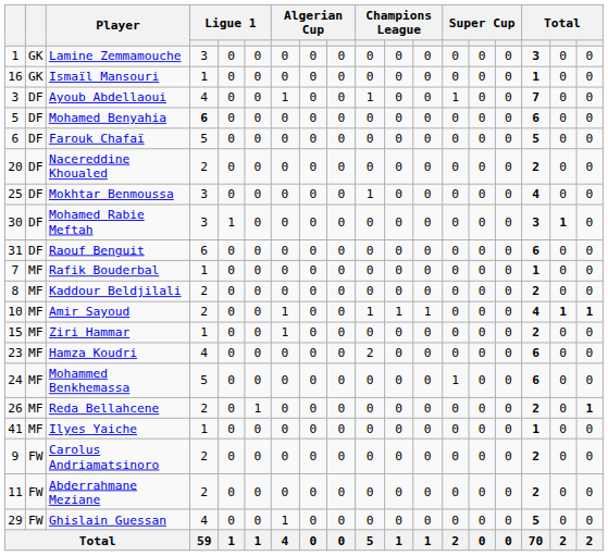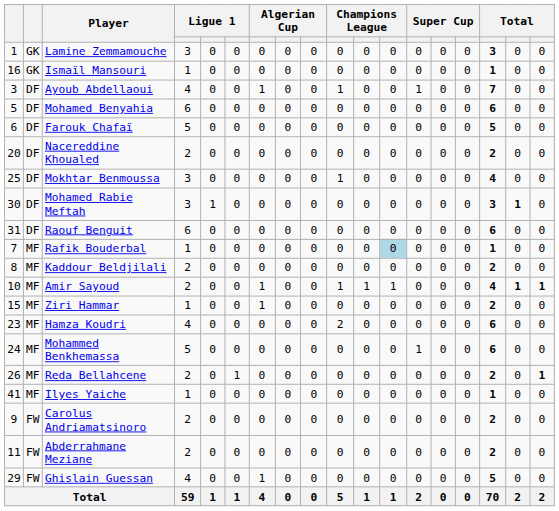 <table class="wikitable sortable nowrap" style="font-size: 96%; text-align: center;">
 <tr>
 <th rowspan="2"></th>
 <th rowspan="2"></th>
 <th rowspan="2" width=150>Player</th>
 <th colspan="3">Ligue 1</th>
 <th colspan="3">Algerian Cup</th>
 <th colspan="3">Champions League</th>
 <th colspan="3">Super Cup</th>
 <th colspan="3">Total</th>
 </tr>
 <tr>
 <th width=25></th>
 <th width=25></th>
 <th width=25></th>
 <th width=25></th>
 <th width=25></th>
 <th width=25></th>
 <th width=25></th>
 <th width=25></th>
 <th width=25></th>
 <th width=25></th>
 <th width=25></th>
 <th width=25></th>
 <th width=25></th>
 <th width=25></th>
 <th width=25></th>
 </tr>
 <tr>
 <td>1</td>
 <td>GK</td>
 <td style="text-align:left"> <a href='#'>Lamine Zemmamouche</a></td>
 <td>3</td>
 <td>0</td>
 <td>0</td>
 <td>0</td>
 <td>0</td>
 <td>0</td>
 <td>0</td>
 <td>0</td>
 <td>0</td>
 <td>0</td>
 <td>0</td>
 <td>0</td>
 <td><strong>3</strong></td>
 <td>0</td>
 <td>0</td>
 </tr>
 <tr>
 <td>16</td>
 <td>GK</td>
 <td style="text-align:left"> <a href='#'>Ismaïl Mansouri</a></td>
 <td>1</td>
 <td>0</td>
 <td>0</td>
 <td>0</td>
 <td>0</td>
 <td>0</td>
 <td>0</td>
 <td>0</td>
 <td>0</td>
 <td>0</td>
 <td>0</td>
 <td>0</td>
 <td><strong>1</strong></td>
 <td>0</td>
 <td>0</td>
 </tr>
 <tr>
 <td>3</td>
 <td>DF</td>
 <td style="text-align:left"> <a href='#'>Ayoub Abdellaoui</a></td>
 <td>4</td>
 <td>0</td>
 <td>0</td>
 <td>1</td>
 <td>0</td>
 <td>0</td>
 <td>1</td>
 <td>0</td>
 <td>0</td>
 <td>1</td>
 <td>0</td>
 <td>0</td>
 <td><strong>7</strong></td>
 <td>0</td>
 <td>0</td>
 </tr>
 <tr>
 <td>5</td>
 <td>DF</td>
 <td style="text-align:left"> <a href='#'>Mohamed Benyahia</a></td>
-<td><strong>6</strong></td>
+<td>6</td>
 <td>0</td>
 <td>0</td>
 <td>0</td>
 <td>0</td>
 <td>0</td>
 <td>0</td>
 <td>0</td>
 <td>0</td>
 <td>0</td>
 <td>0</td>
 <td>0</td>
 <td><strong>6</strong></td>
 <td>0</td>
 <td>0</td>
 </tr>
 <tr>
 <td>6</td>
 <td>DF</td>
 <td style="text-align:left"> <a href='#'>Farouk Chafaï</a></td>
 <td>5</td>
 <td>0</td>
 <td>0</td>
 <td>0</td>
 <td>0</td>
 <td>0</td>
 <td>0</td>
 <td>0</td>
 <td>0</td>
 <td>0</td>
 <td>0</td>
 <td>0</td>
 <td><strong>5</strong></td>
 <td>0</td>
 <td>0</td>
 </tr>
 <tr>
 <td>20</td>
 <td>DF</td>
 <td style="text-align:left"> <a href='#'>Nacereddine Khoualed</a></td>
 <td>2</td>
 <td>0</td>
 <td>0</td>
 <td>0</td>
 <td>0</td>
 <td>0</td>
 <td>0</td>
 <td>0</td>
 <td>0</td>
 <td>0</td>
 <td>0</td>
 <td>0</td>
 <td><strong>2</strong></td>
 <td>0</td>
 <td>0</td>
 </tr>
 <tr>
 <td>25</td>
 <td>DF</td>
 <td style="text-align:left"> <a href='#'>Mokhtar Benmoussa</a></td>
 <td>3</td>
 <td>0</td>
 <td>0</td>
 <td>0</td>
 <td>0</td>
 <td>0</td>
 <td>1</td>
 <td>0</td>
 <td>0</td>
 <td>0</td>
 <td>0</td>
 <td>0</td>
 <td><strong>4</strong></td>
 <td>0</td>
 <td>0</td>
 </tr>
 <tr>
 <td>30</td>
 <td>DF</td>
 <td style="text-align:left"> <a href='#'>Mohamed Rabie Meftah</a></td>
 <td>3</td>
 <td>1</td>
 <td>0</td>
 <td>0</td>
 <td>0</td>
 <td>0</td>
 <td>0</td>
 <td>0</td>
 <td>0</td>
 <td>0</td>
 <td>0</td>
 <td>0</td>
 <td><strong>3</strong></td>
 <td><strong>1</strong></td>
 <td>0</td>
 </tr>
 <tr>
 <td>31</td>
 <td>DF</td>
 <td style="text-align:left"> <a href='#'>Raouf Benguit</a></td>
 <td>6</td>
 <td>0</td>
 <td>0</td>
 <td>0</td>
 <td>0</td>
 <td>0</td>
 <td>0</td>
 <td>0</td>
 <td>0</td>
 <td>0</td>
 <td>0</td>
 <td>0</td>
 <td><strong>6</strong></td>
 <td>0</td>
 <td>0</td>
 </tr>
 <tr>
 <td>7</td>
 <td>MF</td>
 <td style="text-align:left"> <a href='#'>Rafik Bouderbal</a></td>
 <td>1</td>
 <td>0</td>
 <td>0</td>
 <td>0</td>
 <td>0</td>
 <td>0</td>
 <td>0</td>
 <td>0</td>
-<td>0</td>
+<td style="background: lightblue;">0</td>
 <td>0</td>
 <td>0</td>
 <td>0</td>
 <td><strong>1</strong></td>
 <td>0</td>
 <td>0</td>
 </tr>
 <tr>
 <td>8</td>
 <td>MF</td>
 <td style="text-align:left"> <a href='#'>Kaddour Beldjilali</a></td>
 <td>2</td>
 <td>0</td>
 <td>0</td>
 <td>0</td>
 <td>0</td>
 <td>0</td>
 <td>0</td>
 <td>0</td>
 <td>0</td>
 <td>0</td>
 <td>0</td>
 <td>0</td>
 <td><strong>2</strong></td>
 <td>0</td>
 <td>0</td>
 </tr>
 <tr>
 <td>10</td>
 <td>MF</td>
 <td style="text-align:left"> <a href='#'>Amir Sayoud</a></td>
 <td>2</td>
 <td>0</td>
 <td>0</td>
 <td>1</td>
 <td>0</td>
 <td>0</td>
 <td>1</td>
 <td>1</td>
 <td>1</td>
 <td>0</td>
 <td>0</td>
 <td>0</td>
 <td><strong>4</strong></td>
 <td><strong>1</strong></td>
 <td><strong>1</strong></td>
 </tr>
 <tr>
 <td>15</td>
 <td>MF</td>
 <td style="text-align:left"> <a href='#'>Ziri Hammar</a></td>
 <td>1</td>
 <td>0</td>
 <td>0</td>
 <td>1</td>
 <td>0</td>
 <td>0</td>
 <td>0</td>
 <td>0</td>
 <td>0</td>
 <td>0</td>
 <td>0</td>
 <td>0</td>
 <td><strong>2</strong></td>
 <td>0</td>
 <td>0</td>
 </tr>
 <tr>
 <td>23</td>
 <td>MF</td>
 <td style="text-align:left"> <a href='#'>Hamza Koudri</a></td>
 <td>4</td>
 <td>0</td>
 <td>0</td>
 <td>0</td>
 <td>0</td>
 <td>0</td>
 <td>2</td>
 <td>0</td>
 <td>0</td>
 <td>0</td>
 <td>0</td>
 <td>0</td>
 <td><strong>6</strong></td>
 <td>0</td>
 <td>0</td>
 </tr>
 <tr>
 <td>24</td>
 <td>MF</td>
 <td style="text-align:left"> <a href='#'>Mohammed Benkhemassa</a></td>
 <td>5</td>
 <td>0</td>
 <td>0</td>
 <td>0</td>
 <td>0</td>
 <td>0</td>
 <td>0</td>
 <td>0</td>
 <td>0</td>
 <td>1</td>
 <td>0</td>
 <td>0</td>
 <td><strong>6</strong></td>
 <td>0</td>
 <td>0</td>
 </tr>
 <tr>
 <td>26</td>
 <td>MF</td>
 <td style="text-align:left"> <a href='#'>Reda Bellahcene</a></td>
 <td>2</td>
 <td>0</td>
 <td>1</td>
 <td>0</td>
 <td>0</td>
 <td>0</td>
 <td>0</td>
 <td>0</td>
 <td>0</td>
 <td>0</td>
 <td>0</td>
 <td>0</td>
 <td><strong>2</strong></td>
 <td>0</td>
 <td><strong>1</strong></td>
 </tr>
 <tr>
 <td>41</td>
 <td>MF</td>
 <td style="text-align:left"> <a href='#'>Ilyes Yaiche</a></td>
 <td>1</td>
 <td>0</td>
 <td>0</td>
 <td>0</td>
 <td>0</td>
 <td>0</td>
 <td>0</td>
 <td>0</td>
 <td>0</td>
 <td>0</td>
 <td>0</td>
 <td>0</td>
 <td><strong>1</strong></td>
 <td>0</td>
 <td>0</td>
 </tr>
 <tr>
 <td>9</td>
 <td>FW</td>
 <td style="text-align:left"> <a href='#'>Carolus Andriamatsinoro</a></td>
 <td>2</td>
 <td>0</td>
 <td>0</td>
 <td>0</td>
 <td>0</td>
 <td>0</td>
 <td>0</td>
 <td>0</td>
 <td>0</td>
 <td>0</td>
 <td>0</td>
 <td>0</td>
 <td><strong>2</strong></td>
 <td>0</td>
 <td>0</td>
 </tr>
 <tr>
 <td>11</td>
 <td>FW</td>
 <td style="text-align:left"> <a href='#'>Abderrahmane Meziane</a></td>
 <td>2</td>
 <td>0</td>
 <td>0</td>
 <td>0</td>
 <td>0</td>
 <td>0</td>
 <td>0</td>
 <td>0</td>
 <td>0</td>
 <td>0</td>
 <td>0</td>
 <td>0</td>
 <td><strong>2</strong></td>
 <td>0</td>
 <td>0</td>
 </tr>
 <tr>
 <td>29</td>
 <td>FW</td>
 <td style="text-align:left"> <a href='#'>Ghislain Guessan</a></td>
 <td>4</td>
 <td>0</td>
 <td>0</td>
 <td>1</td>
 <td>0</td>
 <td>0</td>
 <td>0</td>
 <td>0</td>
 <td>0</td>
 <td>0</td>
 <td>0</td>
 <td>0</td>
 <td><strong>5</strong></td>
 <td>0</td>
 <td>0</td>
 </tr>
 <tr>
 <th colspan="3">Total</th>
 <th>59</th>
 <th>1</th>
 <th>1</th>
 <th>4</th>
 <th>0</th>
 <th>0</th>
 <th>5</th>
 <th>1</th>
 <th>1</th>
 <th>2</th>
 <th>0</th>
 <th>0</th>
 <th>70</th>
 <th>2</th>
 <th>2</th>
 </tr>
 </table>
